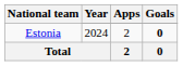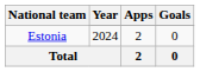 <table class=wikitable style=text-align:center>
 <tr>
 <th>National team</th>
 <th>Year</th>
 <th>Apps</th>
 <th>Goals</th>
 </tr>
 <tr>
 <td rowspan=2><a href='#'>Estonia</a></td>
 </tr>
 <tr>
 <td>2024</td>
 <td>2</td>
-<td><strong>0</strong></td>
+<td>0</td>
 </tr>
 <tr>
 <th colspan=2>Total</th>
 <th>2</th>
 <th>0</th>
 </tr>
 </table>
